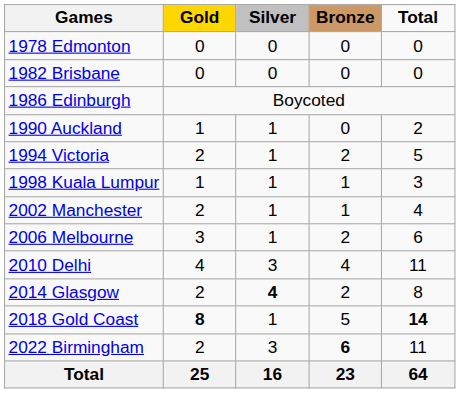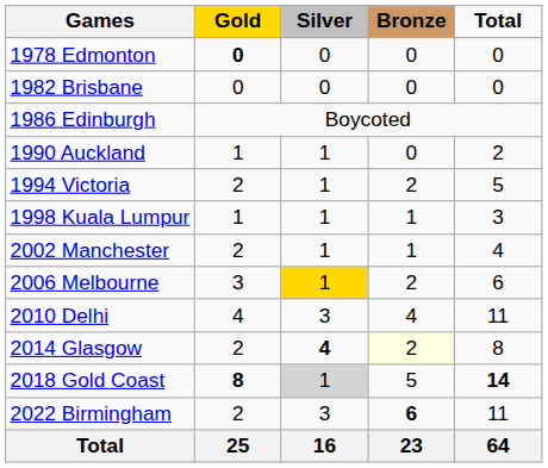 <table class="wikitable" style="text-align:center">
 <tr>
 <th>Games</th>
 <td width=60 bgcolor=gold><strong>Gold</strong></td>
 <td width=60 bgcolor=silver><strong>Silver</strong></td>
 <td width=60 bgcolor=cc9966><strong>Bronze</strong></td>
 <td width=60><strong>Total</strong></td>
 </tr>
 <tr>
 <td align=left><a href='#'>1978 Edmonton</a></td>
-<td>0</td>
+<td><strong>0</strong></td>
 <td>0</td>
 <td>0</td>
 <td>0</td>
 </tr>
 <tr>
 <td align=left><a href='#'>1982 Brisbane</a></td>
 <td>0</td>
 <td>0</td>
 <td>0</td>
 <td>0</td>
 </tr>
 <tr>
 <td align=left><a href='#'>1986 Edinburgh</a></td>
 <td colspan=4>Boycoted</td>
 </tr>
 <tr>
 <td align=left><a href='#'>1990 Auckland</a></td>
 <td>1</td>
 <td>1</td>
 <td>0</td>
 <td>2</td>
 </tr>
 <tr>
 <td align=left><a href='#'>1994 Victoria</a></td>
 <td>2</td>
 <td>1</td>
 <td>2</td>
 <td>5</td>
 </tr>
 <tr>
 <td align=left><a href='#'>1998 Kuala Lumpur</a></td>
 <td>1</td>
 <td>1</td>
 <td>1</td>
 <td>3</td>
 </tr>
 <tr>
 <td align=left><a href='#'>2002 Manchester</a></td>
 <td>2</td>
 <td>1</td>
 <td>1</td>
 <td>4</td>
 </tr>
 <tr>
 <td align=left><a href='#'>2006 Melbourne</a></td>
 <td>3</td>
-<td>1</td>
+<td style="background: gold;">1</td>
 <td>2</td>
 <td>6</td>
 </tr>
 <tr>
 <td align=left><a href='#'>2010 Delhi</a></td>
 <td>4</td>
 <td>3</td>
 <td>4</td>
 <td>11</td>
 </tr>
 <tr>
 <td align=left><a href='#'>2014 Glasgow</a></td>
 <td>2</td>
 <td><strong>4</strong></td>
-<td>2</td>
+<td style="background: lightyellow;">2</td>
 <td>8</td>
 </tr>
 <tr>
 <td align=left><a href='#'>2018 Gold Coast</a></td>
 <td><strong>8</strong></td>
-<td>1</td>
+<td style="background: lightgrey;">1</td>
 <td>5</td>
 <td><strong>14</strong></td>
 </tr>
 <tr>
 <td align=left><a href='#'>2022 Birmingham</a></td>
 <td>2</td>
 <td>3</td>
 <td><strong>6</strong></td>
 <td>11</td>
 </tr>
 <tr>
 <th>Total</th>
 <th>25</th>
 <th>16</th>
 <th>23</th>
 <th>64</th>
 </tr>
 </table>
